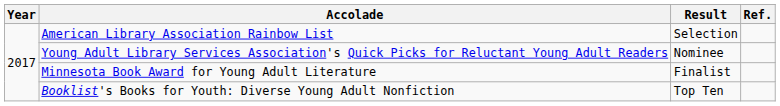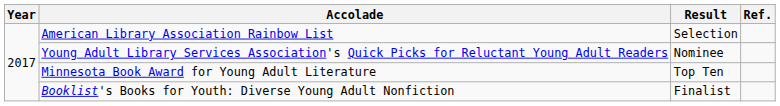 <table class="wikitable">
 <tr>
 <th>Year</th>
 <th>Accolade</th>
 <th>Result</th>
 <th>Ref.</th>
 </tr>
 <tr>
 <td rowspan="4">2017</td>
 <td><a href='#'>American Library Association Rainbow List</a></td>
 <td>Selection</td>
 <td></td>
 </tr>
 <tr>
 <td><a href='#'>Young Adult Library Services Association</a>'s <a href='#'>Quick Picks for Reluctant Young Adult Readers</a></td>
 <td>Nominee</td>
 <td></td>
 </tr>
 <tr>
 <td><a href='#'>Minnesota Book Award</a> for Young Adult Literature</td>
-<td>Finalist</td>
+<td>Top Ten</td>
 <td></td>
 </tr>
 <tr>
 <td><em><a href='#'>Booklist</a></em>'s Books for Youth: Diverse Young Adult Nonfiction</td>
-<td>Top Ten</td>
+<td>Finalist</td>
 <td></td>
 </tr>
 </table>
